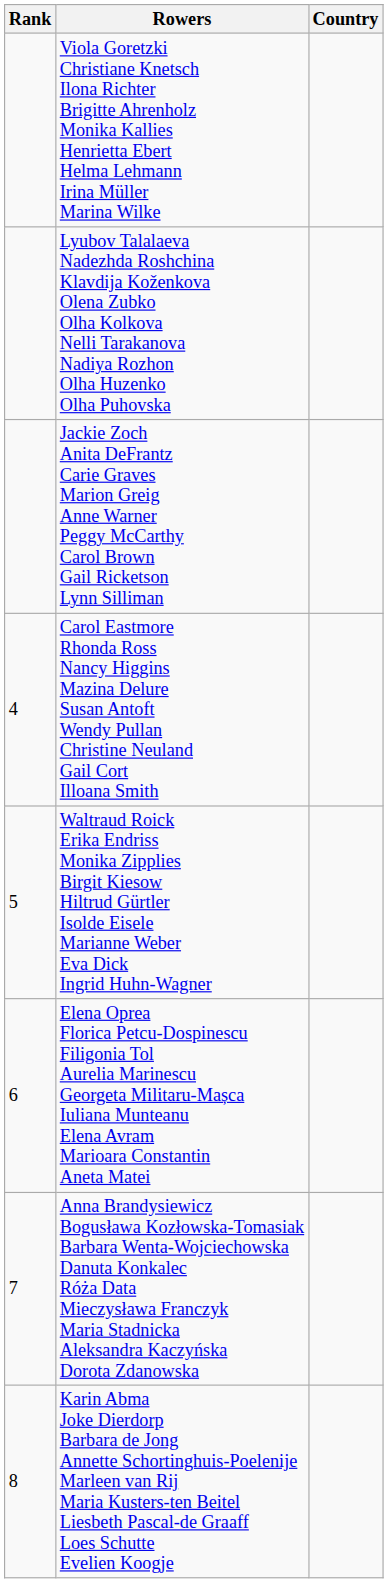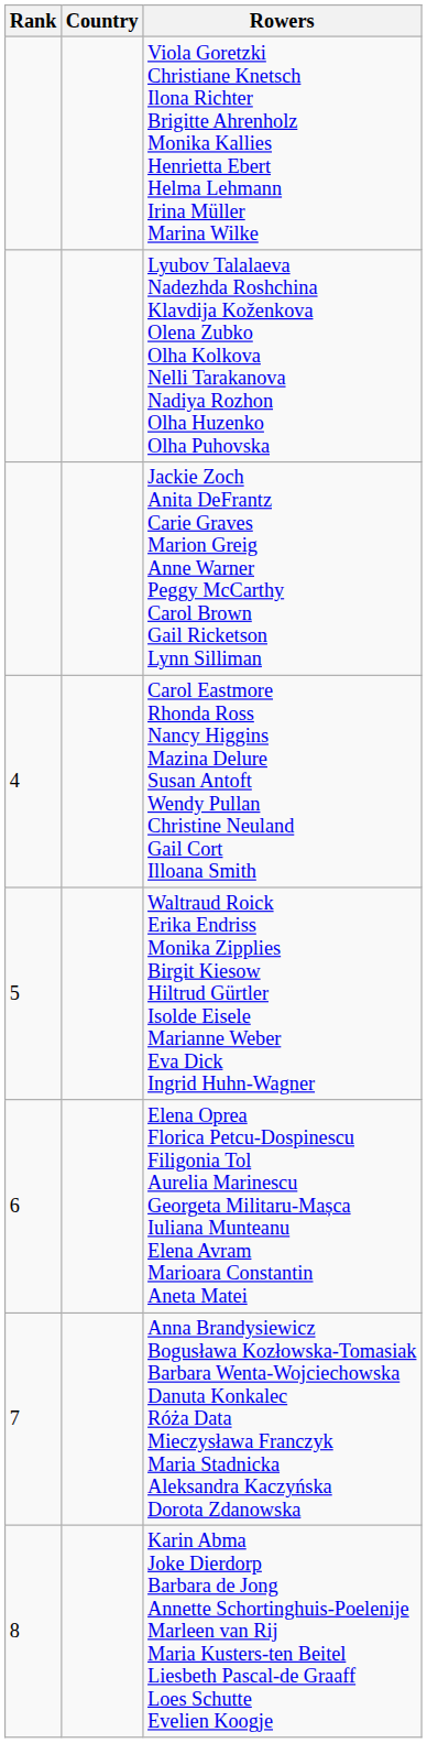 <table class="wikitable sortable">
 <tr>
 <th>Rank</th>
+<th>Country</th>
 <th>Rowers</th>
-<th>Country</th>
 </tr>
 <tr>
 <td></td>
+<td></td>
 <td><a href='#'>Viola Goretzki</a><br><a href='#'>Christiane Knetsch</a><br><a href='#'>Ilona Richter</a><br><a href='#'>Brigitte Ahrenholz</a><br><a href='#'>Monika Kallies</a><br><a href='#'>Henrietta Ebert</a><br><a href='#'>Helma Lehmann</a><br><a href='#'>Irina Müller</a><br><a href='#'>Marina Wilke</a></td>
-<td></td>
 </tr>
 <tr>
 <td></td>
+<td></td>
 <td><a href='#'>Lyubov Talalaeva</a><br><a href='#'>Nadezhda Roshchina</a><br><a href='#'>Klavdija Koženkova</a><br><a href='#'>Olena Zubko</a><br><a href='#'>Olha Kolkova</a><br><a href='#'>Nelli Tarakanova</a><br><a href='#'>Nadiya Rozhon</a><br><a href='#'>Olha Huzenko</a><br><a href='#'>Olha Puhovska</a></td>
-<td></td>
 </tr>
 <tr>
 <td></td>
+<td></td>
 <td><a href='#'>Jackie Zoch</a><br><a href='#'>Anita DeFrantz</a><br><a href='#'>Carie Graves</a><br><a href='#'>Marion Greig</a><br><a href='#'>Anne Warner</a><br><a href='#'>Peggy McCarthy</a><br><a href='#'>Carol Brown</a><br><a href='#'>Gail Ricketson</a><br><a href='#'>Lynn Silliman</a></td>
-<td></td>
 </tr>
 <tr>
 <td>4</td>
+<td></td>
 <td><a href='#'>Carol Eastmore</a><br><a href='#'>Rhonda Ross</a><br><a href='#'>Nancy Higgins</a><br><a href='#'>Mazina Delure</a><br><a href='#'>Susan Antoft</a><br><a href='#'>Wendy Pullan</a><br><a href='#'>Christine Neuland</a><br><a href='#'>Gail Cort</a><br><a href='#'>Illoana Smith</a></td>
-<td></td>
 </tr>
 <tr>
 <td>5</td>
+<td></td>
 <td><a href='#'>Waltraud Roick</a><br><a href='#'>Erika Endriss</a><br><a href='#'>Monika Zipplies</a><br><a href='#'>Birgit Kiesow</a><br><a href='#'>Hiltrud Gürtler</a><br><a href='#'>Isolde Eisele</a><br><a href='#'>Marianne Weber</a><br><a href='#'>Eva Dick</a><br><a href='#'>Ingrid Huhn-Wagner</a></td>
-<td></td>
 </tr>
 <tr>
 <td>6</td>
+<td></td>
 <td><a href='#'>Elena Oprea</a><br><a href='#'>Florica Petcu-Dospinescu</a><br><a href='#'>Filigonia Tol</a><br><a href='#'>Aurelia Marinescu</a><br><a href='#'>Georgeta Militaru-Mașca</a><br><a href='#'>Iuliana Munteanu</a><br><a href='#'>Elena Avram</a><br><a href='#'>Marioara Constantin</a><br><a href='#'>Aneta Matei</a></td>
-<td></td>
 </tr>
 <tr>
 <td>7</td>
+<td></td>
 <td><a href='#'>Anna Brandysiewicz</a><br><a href='#'>Bogusława Kozłowska-Tomasiak</a><br><a href='#'>Barbara Wenta-Wojciechowska</a><br><a href='#'>Danuta Konkalec</a><br><a href='#'>Róża Data</a><br><a href='#'>Mieczysława Franczyk</a><br><a href='#'>Maria Stadnicka</a><br><a href='#'>Aleksandra Kaczyńska</a><br><a href='#'>Dorota Zdanowska</a></td>
-<td></td>
 </tr>
 <tr>
 <td>8</td>
+<td></td>
 <td><a href='#'>Karin Abma</a><br><a href='#'>Joke Dierdorp</a><br><a href='#'>Barbara de Jong</a><br><a href='#'>Annette Schortinghuis-Poelenije</a><br><a href='#'>Marleen van Rij</a><br><a href='#'>Maria Kusters-ten Beitel</a><br><a href='#'>Liesbeth Pascal-de Graaff</a><br><a href='#'>Loes Schutte</a><br><a href='#'>Evelien Koogje</a></td>
-<td></td>
 </tr>
 </table>
